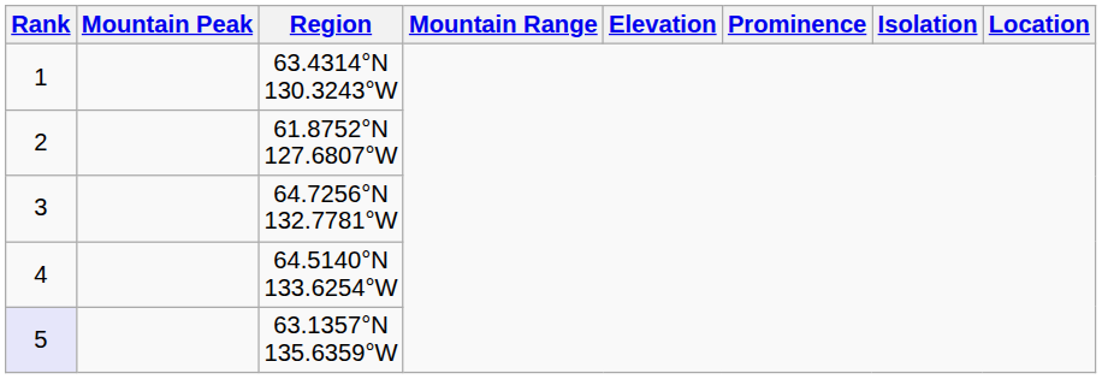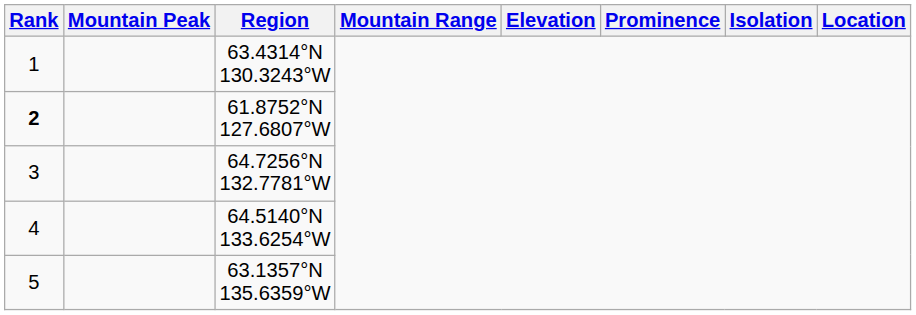 <table class="wikitable sortable">
 <tr>
 <th><a href='#'>Rank</a></th>
 <th><a href='#'>Mountain Peak</a></th>
 <th><a href='#'>Region</a></th>
 <th><a href='#'>Mountain Range</a></th>
 <th><a href='#'>Elevation</a></th>
 <th><a href='#'>Prominence</a></th>
 <th><a href='#'>Isolation</a></th>
 <th><a href='#'>Location</a></th>
 </tr>
 <tr>
 <td align=center>1<br></td>
 <td><br> </td>
 <td align=center>63.4314°N<br>130.3243°W</td>
 </tr>
 <tr>
-<td align=center>2<br></td>
+<td align=center><strong>2<br></strong></td>
 <td><br> </td>
 <td align=center>61.8752°N<br>127.6807°W</td>
 </tr>
 <tr>
 <td align=center>3<br></td>
 <td><br> </td>
 <td align=center>64.7256°N<br>132.7781°W</td>
 </tr>
 <tr>
 <td align=center>4<br></td>
 <td><br> </td>
 <td align=center>64.5140°N<br>133.6254°W</td>
 </tr>
 <tr>
-<td align=center style="background: lavender;">5<br></td>
+<td align=center>5<br></td>
 <td><br> </td>
 <td align=center>63.1357°N<br>135.6359°W</td>
 </tr>
 </table>
